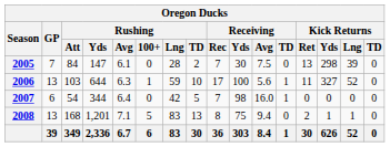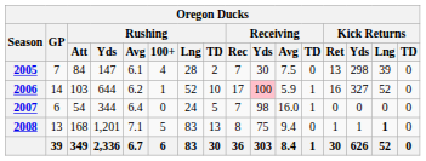 <table class=wikitable style="text-align:center;">
 <tr>
 <th colspan="16">Oregon Ducks</th>
 </tr>
 <tr>
 <th rowspan="2">Season</th>
 <th rowspan="2">GP</th>
 <th colspan="6">Rushing</th>
 <th colspan="4">Receiving</th>
 <th colspan="4">Kick Returns</th>
 </tr>
 <tr>
 <th>Att</th>
 <th>Yds</th>
 <th>Avg</th>
 <th>100+</th>
 <th>Lng</th>
 <th>TD</th>
 <th>Rec</th>
 <th>Yds</th>
 <th>Avg</th>
 <th>TD</th>
 <th>Ret</th>
 <th>Yds</th>
 <th>Lng</th>
 <th>TD</th>
 </tr>
 <tr>
 <th><a href='#'>2005</a></th>
 <td>7</td>
 <td>84</td>
 <td>147</td>
 <td>6.1</td>
-<td>0</td>
+<td>4</td>
 <td>28</td>
 <td>2</td>
 <td>7</td>
 <td>30</td>
 <td>7.5</td>
 <td>0</td>
 <td>13</td>
 <td>298</td>
 <td>39</td>
 <td>0</td>
 </tr>
 <tr>
 <th><a href='#'>2006</a></th>
-<td>13</td>
+<td>14</td>
 <td>103</td>
 <td>644</td>
-<td>6.3</td>
+<td>6.2</td>
 <td>1</td>
-<td>59</td>
+<td>52</td>
 <td>10</td>
 <td>17</td>
-<td>100</td>
-<td>5.6</td>
+<td style="background: pink;">100</td>
+<td>5.9</td>
 <td>1</td>
-<td>11</td>
+<td>16</td>
 <td>327</td>
 <td>52</td>
 <td>0</td>
 </tr>
 <tr>
 <th><a href='#'>2007</a></th>
 <td>6</td>
 <td>54</td>
 <td>344</td>
 <td>6.4</td>
 <td>0</td>
-<td>42</td>
+<td>24</td>
 <td>5</td>
 <td>7</td>
 <td>98</td>
 <td>16.0</td>
 <td>1</td>
 <td>0</td>
 <td>0</td>
 <td>0</td>
 <td>0</td>
 </tr>
 <tr>
 <th><a href='#'>2008</a></th>
 <td>13</td>
 <td>168</td>
 <td>1,201</td>
 <td>7.1</td>
 <td>5</td>
 <td>83</td>
 <td>13</td>
 <td>8</td>
 <td>75</td>
 <td>9.4</td>
 <td>0</td>
-<td>2</td>
 <td>1</td>
 <td>1</td>
+<td><strong>1</strong></td>
 <td>0</td>
 </tr>
 <tr>
 <th></th>
 <th>39</th>
 <th>349</th>
 <th>2,336</th>
 <th>6.7</th>
 <th>6</th>
 <th>83</th>
 <th>30</th>
 <th>36</th>
 <th>303</th>
 <th>8.4</th>
 <th>1</th>
 <th>30</th>
 <th>626</th>
 <th>52</th>
 <th>0</th>
 </tr>
 </table>
